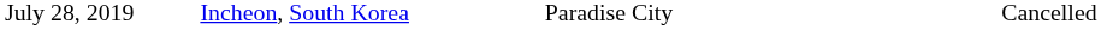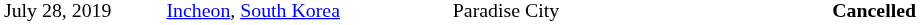 <table cellpadding="2" style="border: 0px solid darkgray;">
 <tr>
 <th width="125"></th>
 <th width="225"></th>
 <th width="300"></th>
 <th width="375"></th>
 </tr>
 <tr border="0">
 <td>July 28, 2019</td>
 <td><a href='#'>Incheon</a>, <a href='#'>South Korea</a></td>
 <td>Paradise City</td>
-<td>Cancelled</td>
+<td><strong>Cancelled</strong></td>
 </tr>
 <tr>
 </tr>
 </table>
